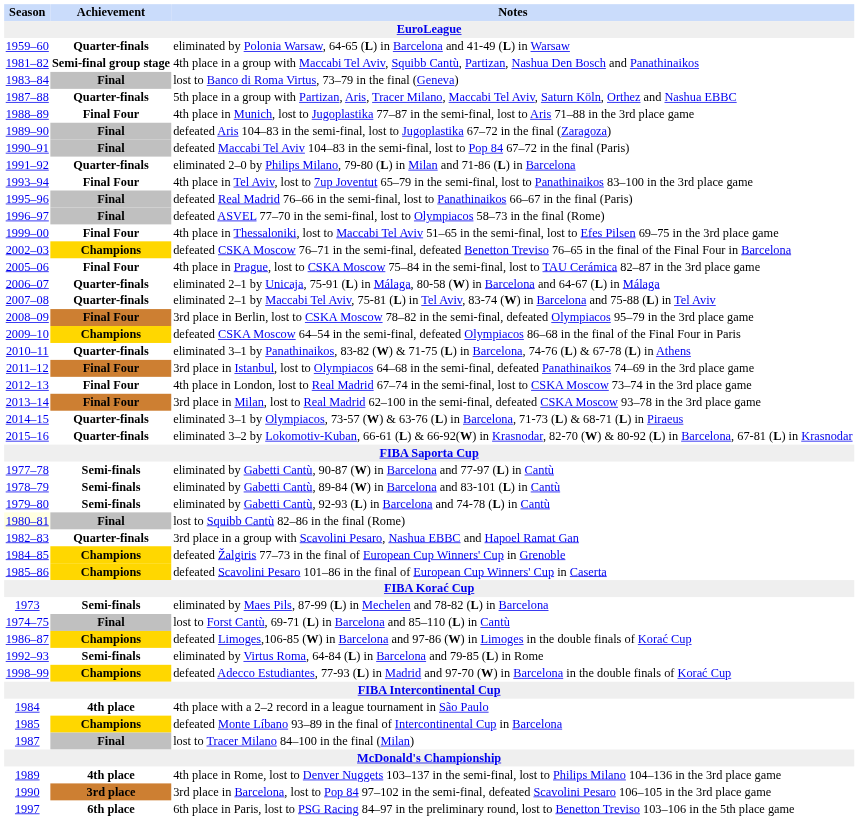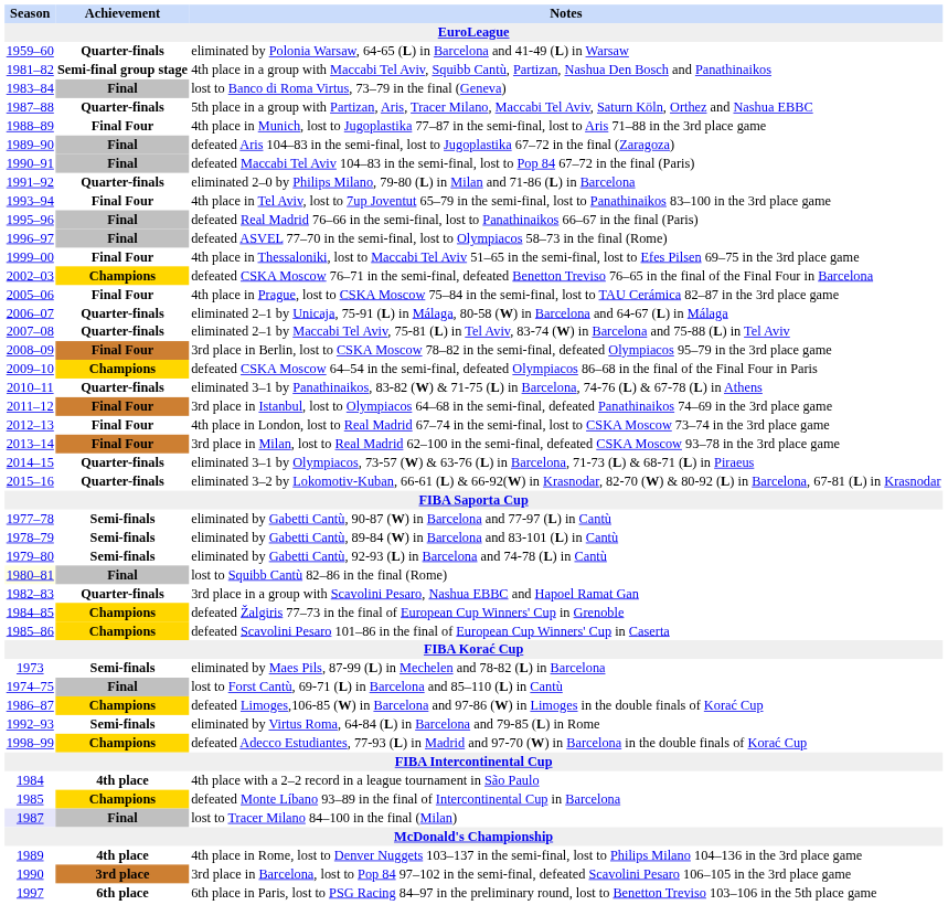 <table class="toccolours" border="0" cellpadding="2" cellspacing="0" align="left" style="margin:0.5em;">
 <tr bgcolor=#CADCFB>
 <th>Season</th>
 <th>Achievement</th>
 <th>Notes</th>
 </tr>
 <tr>
 <th colspan=4 bgcolor=#EFEFEF><a href='#'>EuroLeague</a></th>
 </tr>
 <tr>
 <td align="center"><a href='#'>1959–60</a></td>
 <td align="center"><strong>Quarter-finals</strong></td>
 <td align="left">eliminated by <a href='#'>Polonia Warsaw</a>, 64-65 (<strong>L</strong>) in <a href='#'>Barcelona</a> and 41-49 (<strong>L</strong>) in <a href='#'>Warsaw</a></td>
 </tr>
 <tr>
 <td align="center"><a href='#'>1981–82</a></td>
 <td align="center"><strong>Semi-final group stage</strong></td>
 <td align="left">4th place in a group with <a href='#'>Maccabi Tel Aviv</a>, <a href='#'>Squibb Cantù</a>, <a href='#'>Partizan</a>, <a href='#'>Nashua Den Bosch</a> and <a href='#'>Panathinaikos</a></td>
 </tr>
 <tr>
 <td align="center"><a href='#'>1983–84</a></td>
 <td align="center" bgcolor= silver><strong>Final</strong></td>
 <td align="left">lost to <a href='#'>Banco di Roma Virtus</a>, 73–79 in the final (<a href='#'>Geneva</a>)</td>
 </tr>
 <tr>
 <td align="center"><a href='#'>1987–88</a></td>
 <td align="center"><strong>Quarter-finals</strong></td>
 <td align="left">5th place in a group with <a href='#'>Partizan</a>, <a href='#'>Aris</a>, <a href='#'>Tracer Milano</a>, <a href='#'>Maccabi Tel Aviv</a>, <a href='#'>Saturn Köln</a>, <a href='#'>Orthez</a> and <a href='#'>Nashua EBBC</a></td>
 </tr>
 <tr>
 <td align="center"><a href='#'>1988–89</a></td>
 <td align="center"><strong>Final Four</strong></td>
 <td align="left">4th place in <a href='#'>Munich</a>, lost to <a href='#'>Jugoplastika</a> 77–87 in the semi-final, lost to <a href='#'>Aris</a> 71–88 in the 3rd place game</td>
 </tr>
 <tr>
 <td align="center"><a href='#'>1989–90</a></td>
 <td align="center" bgcolor= silver><strong>Final</strong></td>
 <td align="left">defeated <a href='#'>Aris</a> 104–83 in the semi-final, lost to <a href='#'>Jugoplastika</a> 67–72 in the final (<a href='#'>Zaragoza</a>)</td>
 </tr>
 <tr>
 <td align="center"><a href='#'>1990–91</a></td>
 <td align="center" bgcolor= silver><strong>Final</strong></td>
 <td align="left">defeated <a href='#'>Maccabi Tel Aviv</a> 104–83 in the semi-final, lost to <a href='#'>Pop 84</a> 67–72 in the final (Paris)</td>
 </tr>
 <tr>
 <td align="center"><a href='#'>1991–92</a></td>
 <td align="center"><strong>Quarter-finals</strong></td>
 <td align="left">eliminated 2–0 by <a href='#'>Philips Milano</a>, 79-80 (<strong>L</strong>) in <a href='#'>Milan</a> and 71-86 (<strong>L</strong>) in <a href='#'>Barcelona</a></td>
 </tr>
 <tr>
 <td align="center"><a href='#'>1993–94</a></td>
 <td align="center"><strong>Final Four</strong></td>
 <td align="left">4th place in <a href='#'>Tel Aviv</a>, lost to <a href='#'>7up Joventut</a> 65–79 in the semi-final, lost to <a href='#'>Panathinaikos</a> 83–100 in the 3rd place game</td>
 </tr>
 <tr>
 <td align="center"><a href='#'>1995–96</a></td>
 <td align="center" bgcolor= silver><strong>Final</strong></td>
 <td align="left">defeated <a href='#'>Real Madrid</a> 76–66 in the semi-final, lost to <a href='#'>Panathinaikos</a> 66–67 in the final (Paris)</td>
 </tr>
 <tr>
 <td align="center"><a href='#'>1996–97</a></td>
 <td align="center" bgcolor= silver><strong>Final</strong></td>
 <td align="left">defeated <a href='#'>ASVEL</a> 77–70 in the semi-final, lost to <a href='#'>Olympiacos</a> 58–73 in the final (Rome)</td>
 </tr>
 <tr>
 <td align="center"><a href='#'>1999–00</a></td>
 <td align="center"><strong>Final Four</strong></td>
 <td align="left">4th place in <a href='#'>Thessaloniki</a>, lost to <a href='#'>Maccabi Tel Aviv</a> 51–65 in the semi-final, lost to <a href='#'>Efes Pilsen</a> 69–75 in the 3rd place game</td>
 </tr>
 <tr>
 <td align="center"><a href='#'>2002–03</a></td>
 <td align="center" bgcolor="gold"><strong>Champions</strong></td>
 <td align="left">defeated <a href='#'>CSKA Moscow</a> 76–71 in the semi-final, defeated <a href='#'>Benetton Treviso</a> 76–65 in the final of the Final Four in <a href='#'>Barcelona</a></td>
 </tr>
 <tr>
 <td align="center"><a href='#'>2005–06</a></td>
 <td align="center"><strong>Final Four</strong></td>
 <td align="left">4th place in <a href='#'>Prague</a>, lost to <a href='#'>CSKA Moscow</a> 75–84 in the semi-final, lost to <a href='#'>TAU Cerámica</a> 82–87 in the 3rd place game</td>
 </tr>
 <tr>
 <td align="center"><a href='#'>2006–07</a></td>
 <td align="center"><strong>Quarter-finals</strong></td>
 <td align="left">eliminated 2–1 by <a href='#'>Unicaja</a>, 75-91 (<strong>L</strong>) in <a href='#'>Málaga</a>, 80-58 (<strong>W</strong>) in <a href='#'>Barcelona</a> and 64-67 (<strong>L</strong>) in <a href='#'>Málaga</a></td>
 </tr>
 <tr>
 <td align="center"><a href='#'>2007–08</a></td>
 <td align="center"><strong>Quarter-finals</strong></td>
 <td align="left">eliminated 2–1 by <a href='#'>Maccabi Tel Aviv</a>, 75-81 (<strong>L</strong>) in <a href='#'>Tel Aviv</a>, 83-74 (<strong>W</strong>) in <a href='#'>Barcelona</a> and 75-88 (<strong>L</strong>) in <a href='#'>Tel Aviv</a></td>
 </tr>
 <tr>
 <td align="center"><a href='#'>2008–09</a></td>
 <td align="center" bgcolor= #CD7F32><strong>Final Four</strong></td>
 <td align="left">3rd place in Berlin, lost to <a href='#'>CSKA Moscow</a> 78–82 in the semi-final, defeated <a href='#'>Olympiacos</a> 95–79 in the 3rd place game</td>
 </tr>
 <tr>
 <td align="center"><a href='#'>2009–10</a></td>
 <td align="center" bgcolor="gold"><strong>Champions</strong></td>
 <td align="left">defeated <a href='#'>CSKA Moscow</a> 64–54 in the semi-final, defeated <a href='#'>Olympiacos</a> 86–68 in the final of the Final Four in Paris</td>
 </tr>
 <tr>
 <td align="center"><a href='#'>2010–11</a></td>
 <td align="center"><strong>Quarter-finals</strong></td>
 <td align="left">eliminated 3–1 by <a href='#'>Panathinaikos</a>, 83-82 (<strong>W</strong>) & 71-75 (<strong>L</strong>) in <a href='#'>Barcelona</a>, 74-76 (<strong>L</strong>) & 67-78 (<strong>L</strong>) in <a href='#'>Athens</a></td>
 </tr>
 <tr>
 <td align="center"><a href='#'>2011–12</a></td>
 <td align="center" bgcolor= #CD7F32><strong>Final Four</strong></td>
 <td align="left">3rd place in <a href='#'>Istanbul</a>, lost to <a href='#'>Olympiacos</a> 64–68 in the semi-final, defeated <a href='#'>Panathinaikos</a> 74–69 in the 3rd place game</td>
 </tr>
 <tr>
 <td align="center"><a href='#'>2012–13</a></td>
 <td align="center"><strong>Final Four</strong></td>
 <td align="left">4th place in London, lost to <a href='#'>Real Madrid</a> 67–74 in the semi-final, lost to <a href='#'>CSKA Moscow</a> 73–74 in the 3rd place game</td>
 </tr>
 <tr>
 <td align="center"><a href='#'>2013–14</a></td>
 <td align="center" bgcolor= #CD7F32><strong>Final Four</strong></td>
 <td align="left">3rd place in <a href='#'>Milan</a>, lost to <a href='#'>Real Madrid</a> 62–100 in the semi-final, defeated <a href='#'>CSKA Moscow</a> 93–78 in the 3rd place game</td>
 </tr>
 <tr>
 <td align="center"><a href='#'>2014–15</a></td>
 <td align="center"><strong>Quarter-finals</strong></td>
 <td align="left">eliminated 3–1 by <a href='#'>Olympiacos</a>, 73-57 (<strong>W</strong>) & 63-76 (<strong>L</strong>) in <a href='#'>Barcelona</a>, 71-73 (<strong>L</strong>) & 68-71 (<strong>L</strong>) in <a href='#'>Piraeus</a></td>
 </tr>
 <tr>
 <td align="center"><a href='#'>2015–16</a></td>
 <td align="center"><strong>Quarter-finals</strong></td>
 <td align="left">eliminated 3–2 by <a href='#'>Lokomotiv-Kuban</a>, 66-61 (<strong>L</strong>) & 66-92(<strong>W</strong>) in <a href='#'>Krasnodar</a>, 82-70 (<strong>W</strong>) & 80-92 (<strong>L</strong>) in <a href='#'>Barcelona</a>, 67-81 (<strong>L</strong>) in <a href='#'>Krasnodar</a></td>
 </tr>
 <tr>
 <th colspan=4 bgcolor=#EFEFEF><a href='#'>FIBA Saporta Cup</a></th>
 </tr>
 <tr>
 <td align="center"><a href='#'>1977–78</a></td>
 <td align="center"><strong>Semi-finals</strong></td>
 <td align="left">eliminated by <a href='#'>Gabetti Cantù</a>, 90-87 (<strong>W</strong>) in <a href='#'>Barcelona</a> and 77-97 (<strong>L</strong>) in <a href='#'>Cantù</a></td>
 </tr>
 <tr>
 <td align="center"><a href='#'>1978–79</a></td>
 <td align="center"><strong>Semi-finals</strong></td>
 <td align="left">eliminated by <a href='#'>Gabetti Cantù</a>, 89-84 (<strong>W</strong>) in <a href='#'>Barcelona</a> and 83-101 (<strong>L</strong>) in <a href='#'>Cantù</a></td>
 </tr>
 <tr>
 <td align="center"><a href='#'>1979–80</a></td>
 <td align="center"><strong>Semi-finals</strong></td>
 <td align="left">eliminated by <a href='#'>Gabetti Cantù</a>, 92-93 (<strong>L</strong>) in <a href='#'>Barcelona</a> and 74-78 (<strong>L</strong>) in <a href='#'>Cantù</a></td>
 </tr>
 <tr>
 <td align="center" style="background: lightyellow;"><a href='#'>1980–81</a></td>
 <td align="center" bgcolor= silver><strong>Final</strong></td>
 <td align="left">lost to <a href='#'>Squibb Cantù</a> 82–86 in the final (Rome)</td>
 </tr>
 <tr>
 <td align="center"><a href='#'>1982–83</a></td>
 <td align="center"><strong>Quarter-finals</strong></td>
 <td align="left">3rd place in a group with <a href='#'>Scavolini Pesaro</a>, <a href='#'>Nashua EBBC</a> and <a href='#'>Hapoel Ramat Gan</a></td>
 </tr>
 <tr>
 <td align="center"><a href='#'>1984–85</a></td>
 <td align="center" bgcolor="gold"><strong>Champions</strong></td>
 <td align="left">defeated <a href='#'>Žalgiris</a> 77–73 in the final of <a href='#'>European Cup Winners' Cup</a> in <a href='#'>Grenoble</a></td>
 </tr>
 <tr>
 <td align="center"><a href='#'>1985–86</a></td>
 <td align="center" bgcolor="gold"><strong>Champions</strong></td>
 <td align="left">defeated <a href='#'>Scavolini Pesaro</a> 101–86 in the final of <a href='#'>European Cup Winners' Cup</a> in <a href='#'>Caserta</a></td>
 </tr>
 <tr>
 <th colspan=4 bgcolor=#EFEFEF><a href='#'>FIBA Korać Cup</a></th>
 </tr>
 <tr>
 <td align="center"><a href='#'>1973</a></td>
 <td align="center"><strong>Semi-finals</strong></td>
 <td align="left">eliminated by <a href='#'>Maes Pils</a>, 87-99 (<strong>L</strong>) in <a href='#'>Mechelen</a> and 78-82 (<strong>L</strong>) in <a href='#'>Barcelona</a></td>
 </tr>
 <tr>
 <td align="center"><a href='#'>1974–75</a></td>
 <td align="center" bgcolor= silver><strong>Final</strong></td>
 <td align="left">lost to <a href='#'>Forst Cantù</a>, 69-71 (<strong>L</strong>) in <a href='#'>Barcelona</a> and 85–110 (<strong>L</strong>) in <a href='#'>Cantù</a></td>
 </tr>
 <tr>
 <td align="center"><a href='#'>1986–87</a></td>
 <td align="center" bgcolor="gold"><strong>Champions</strong></td>
 <td align="left">defeated <a href='#'>Limoges</a>,106-85 (<strong>W</strong>) in <a href='#'>Barcelona</a> and 97-86 (<strong>W</strong>) in <a href='#'>Limoges</a> in the double finals of <a href='#'>Korać Cup</a></td>
 </tr>
 <tr>
 <td align="center"><a href='#'>1992–93</a></td>
 <td align="center"><strong>Semi-finals</strong></td>
 <td align="left">eliminated by <a href='#'>Virtus Roma</a>, 64-84 (<strong>L</strong>) in <a href='#'>Barcelona</a> and 79-85 (<strong>L</strong>) in Rome</td>
 </tr>
 <tr>
 <td align="center"><a href='#'>1998–99</a></td>
 <td align="center" bgcolor="gold"><strong>Champions</strong></td>
 <td align="left">defeated <a href='#'>Adecco Estudiantes</a>, 77-93 (<strong>L</strong>) in <a href='#'>Madrid</a> and 97-70 (<strong>W</strong>) in <a href='#'>Barcelona</a> in the double finals of <a href='#'>Korać Cup</a></td>
 </tr>
 <tr>
 <th colspan=4 bgcolor=#EFEFEF><a href='#'>FIBA Intercontinental Cup</a></th>
 </tr>
 <tr>
 <td align="center"><a href='#'>1984</a></td>
 <td align="center"><strong>4th place</strong></td>
 <td align="left">4th place with a 2–2 record in a league tournament in <a href='#'>São Paulo</a></td>
 </tr>
 <tr>
 <td align="center"><a href='#'>1985</a></td>
 <td align="center" bgcolor="gold"><strong>Champions</strong></td>
 <td align="left">defeated <a href='#'>Monte Líbano</a> 93–89 in the final of <a href='#'>Intercontinental Cup</a> in <a href='#'>Barcelona</a></td>
 </tr>
 <tr>
-<td align="center"><a href='#'>1987</a></td>
+<td align="center" style="background: lavender;"><a href='#'>1987</a></td>
 <td align="center" bgcolor= silver><strong>Final</strong></td>
 <td align="left">lost to <a href='#'>Tracer Milano</a> 84–100 in the final (<a href='#'>Milan</a>)</td>
 </tr>
 <tr>
 <th colspan=4 bgcolor=#EFEFEF><a href='#'>McDonald's Championship</a></th>
 </tr>
 <tr>
 <td align="center"><a href='#'>1989</a></td>
 <td align="center"><strong>4th place</strong></td>
 <td align="left">4th place in Rome, lost to <a href='#'>Denver Nuggets</a> 103–137 in the semi-final, lost to <a href='#'>Philips Milano</a> 104–136 in the 3rd place game</td>
 </tr>
 <tr>
 <td align="center"><a href='#'>1990</a></td>
 <td align="center" bgcolor= #CD7F32><strong>3rd place</strong></td>
 <td align="left">3rd place in <a href='#'>Barcelona</a>, lost to <a href='#'>Pop 84</a> 97–102 in the semi-final, defeated <a href='#'>Scavolini Pesaro</a> 106–105 in the 3rd place game</td>
 </tr>
 <tr>
 <td align="center"><a href='#'>1997</a></td>
 <td align="center"><strong>6th place</strong></td>
 <td align="left">6th place in Paris, lost to <a href='#'>PSG Racing</a> 84–97 in the preliminary round, lost to <a href='#'>Benetton Treviso</a> 103–106 in the 5th place game</td>
 </tr>
 </table>
